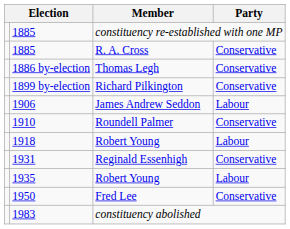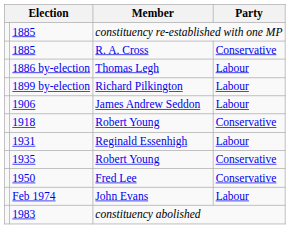 <table class="wikitable">
 <tr>
 <th colspan="2">Election</th>
 <th>Member</th>
 <th>Party</th>
 </tr>
 <tr>
 <td></td>
 <td><a href='#'>1885</a></td>
 <td colspan="2"><em>constituency re-established with one MP</em></td>
 </tr>
 <tr>
 <td style="color:inherit;background-color: "></td>
 <td><a href='#'>1885</a></td>
 <td><a href='#'>R. A. Cross</a></td>
 <td><a href='#'>Conservative</a></td>
 </tr>
 <tr>
 <td style="color:inherit;background-color: "></td>
 <td><a href='#'>1886 by-election</a></td>
 <td><a href='#'>Thomas Legh</a></td>
-<td><a href='#'>Conservative</a></td>
+<td><a href='#'>Labour</a></td>
 </tr>
 <tr>
 <td style="color:inherit;background-color: "></td>
 <td><a href='#'>1899 by-election</a></td>
 <td><a href='#'>Richard Pilkington</a></td>
-<td><a href='#'>Conservative</a></td>
+<td><a href='#'>Labour</a></td>
 </tr>
 <tr>
 <td style="color:inherit;background-color: "></td>
 <td><a href='#'>1906</a></td>
 <td><a href='#'>James Andrew Seddon</a></td>
 <td><a href='#'>Labour</a></td>
 </tr>
 <tr>
 <td style="color:inherit;background-color: "></td>
-<td><a href='#'>1910</a></td>
-<td><a href='#'>Roundell Palmer</a></td>
-<td><a href='#'>Conservative</a></td>
-</tr>
-<tr>
-<td style="color:inherit;background-color: "></td>
 <td><a href='#'>1918</a></td>
 <td><a href='#'>Robert Young</a></td>
-<td><a href='#'>Labour</a></td>
+<td><a href='#'>Conservative</a></td>
 </tr>
 <tr>
 <td style="color:inherit;background-color: "></td>
 <td><a href='#'>1931</a></td>
 <td><a href='#'>Reginald Essenhigh</a></td>
-<td><a href='#'>Conservative</a></td>
+<td><a href='#'>Labour</a></td>
 </tr>
 <tr>
 <td style="color:inherit;background-color: "></td>
 <td><a href='#'>1935</a></td>
 <td><a href='#'>Robert Young</a></td>
-<td><a href='#'>Labour</a></td>
+<td><a href='#'>Conservative</a></td>
 </tr>
 <tr>
 <td style="color:inherit;background-color: "></td>
 <td><a href='#'>1950</a></td>
 <td><a href='#'>Fred Lee</a></td>
 <td><a href='#'>Conservative</a></td>
 </tr>
 <tr>
+<td style="color:inherit;background-color: "></td>
+<td><a href='#'>Feb 1974</a></td>
+<td><a href='#'>John Evans</a></td>
+<td><a href='#'>Labour</a></td>
+</tr>
+<tr>
 <td></td>
 <td><a href='#'>1983</a></td>
 <td colspan="2"><em>constituency abolished</em></td>
 </tr>
 </table>
